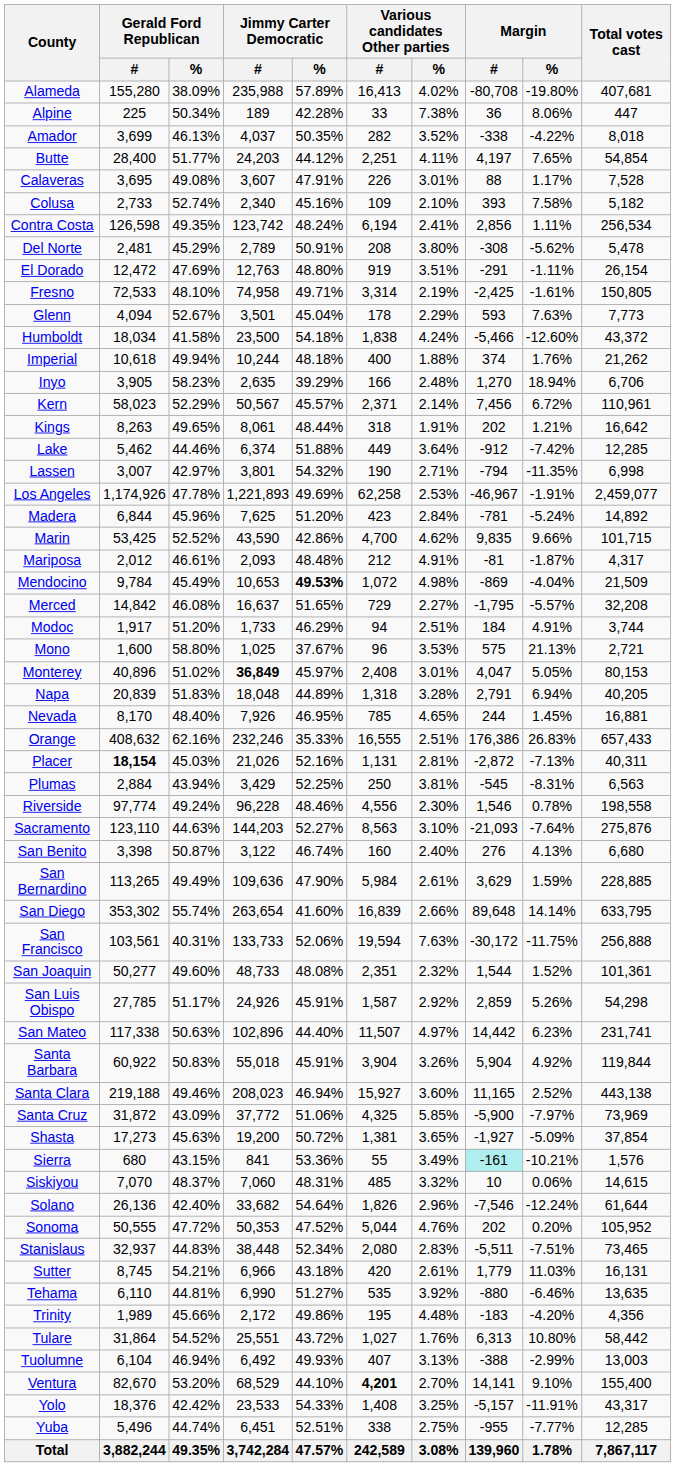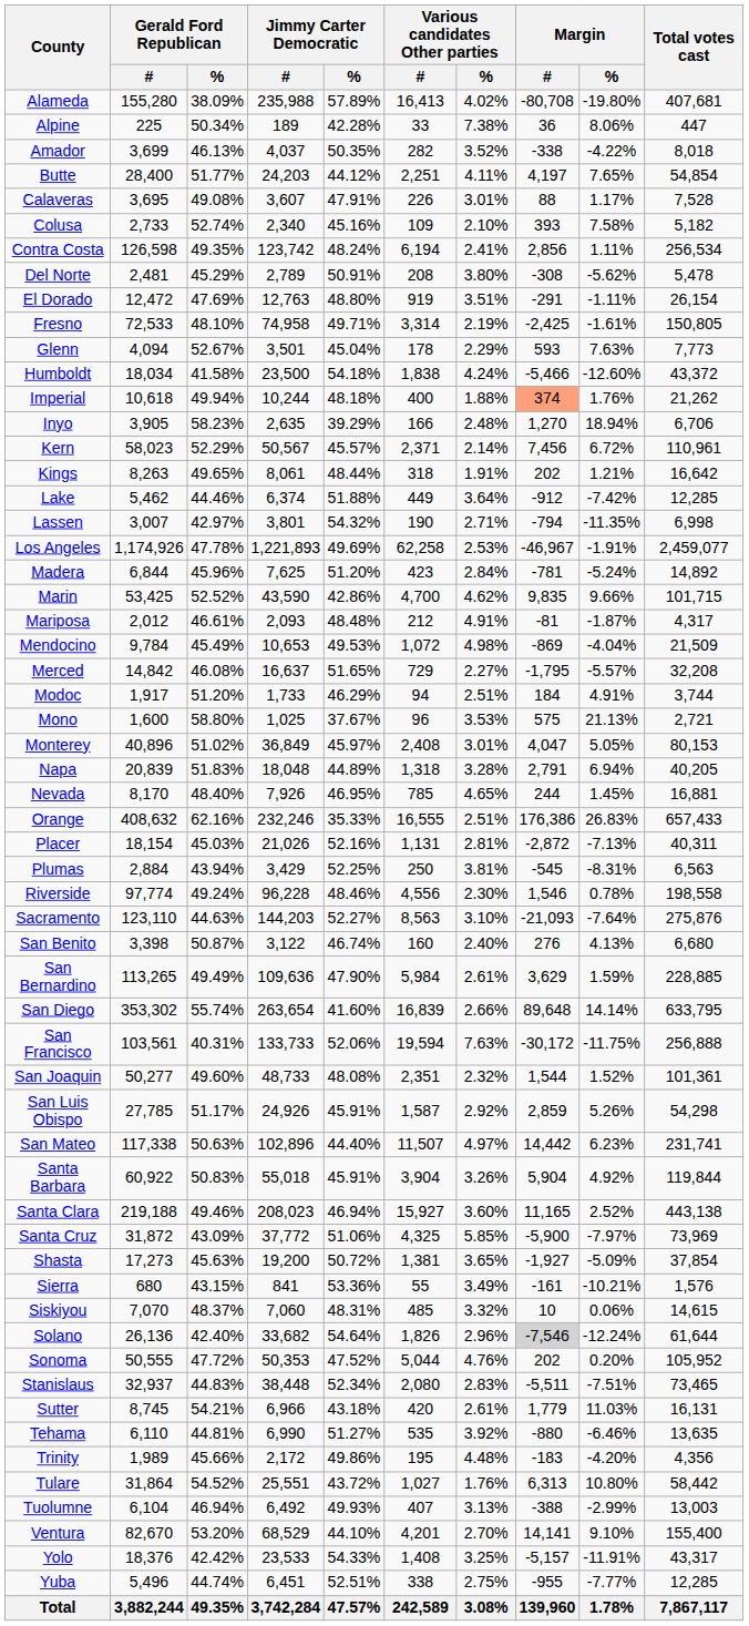 <table width="60%"  class="wikitable sortable" style="text-align:center">
 <tr>
 <th style="text-align:center;" rowspan="2">County</th>
 <th style="text-align:center;" colspan="2">Gerald Ford<br>Republican</th>
 <th style="text-align:center;" colspan="2">Jimmy Carter<br>Democratic</th>
 <th style="text-align:center;" colspan="2">Various candidates<br>Other parties</th>
 <th style="text-align:center;" colspan="2">Margin</th>
 <th style="text-align:center;" rowspan="2">Total votes cast</th>
 </tr>
 <tr>
 <th style="text-align:center;" data-sort-type="number">#</th>
 <th style="text-align:center;" data-sort-type="number">%</th>
 <th style="text-align:center;" data-sort-type="number">#</th>
 <th style="text-align:center;" data-sort-type="number">%</th>
 <th style="text-align:center;" data-sort-type="number">#</th>
 <th style="text-align:center;" data-sort-type="number">%</th>
 <th style="text-align:center;" data-sort-type="number">#</th>
 <th style="text-align:center;" data-sort-type="number">%</th>
 </tr>
 <tr style="text-align:center;">
 <td><a href='#'>Alameda</a></td>
 <td>155,280</td>
 <td>38.09%</td>
 <td>235,988</td>
 <td>57.89%</td>
 <td>16,413</td>
 <td>4.02%</td>
 <td>-80,708</td>
 <td>-19.80%</td>
 <td>407,681</td>
 </tr>
 <tr style="text-align:center;">
 <td><a href='#'>Alpine</a></td>
 <td>225</td>
 <td>50.34%</td>
 <td>189</td>
 <td>42.28%</td>
 <td>33</td>
 <td>7.38%</td>
 <td>36</td>
 <td>8.06%</td>
 <td>447</td>
 </tr>
 <tr style="text-align:center;">
 <td><a href='#'>Amador</a></td>
 <td>3,699</td>
 <td>46.13%</td>
 <td>4,037</td>
 <td>50.35%</td>
 <td>282</td>
 <td>3.52%</td>
 <td>-338</td>
 <td>-4.22%</td>
 <td>8,018</td>
 </tr>
 <tr style="text-align:center;">
 <td><a href='#'>Butte</a></td>
 <td>28,400</td>
 <td>51.77%</td>
 <td>24,203</td>
 <td>44.12%</td>
 <td>2,251</td>
 <td>4.11%</td>
 <td>4,197</td>
 <td>7.65%</td>
 <td>54,854</td>
 </tr>
 <tr style="text-align:center;">
 <td><a href='#'>Calaveras</a></td>
 <td>3,695</td>
 <td>49.08%</td>
 <td>3,607</td>
 <td>47.91%</td>
 <td>226</td>
 <td>3.01%</td>
 <td>88</td>
 <td>1.17%</td>
 <td>7,528</td>
 </tr>
 <tr style="text-align:center;">
 <td><a href='#'>Colusa</a></td>
 <td>2,733</td>
 <td>52.74%</td>
 <td>2,340</td>
 <td>45.16%</td>
 <td>109</td>
 <td>2.10%</td>
 <td>393</td>
 <td>7.58%</td>
 <td>5,182</td>
 </tr>
 <tr style="text-align:center;">
 <td><a href='#'>Contra Costa</a></td>
 <td>126,598</td>
 <td>49.35%</td>
 <td>123,742</td>
 <td>48.24%</td>
 <td>6,194</td>
 <td>2.41%</td>
 <td>2,856</td>
 <td>1.11%</td>
 <td>256,534</td>
 </tr>
 <tr style="text-align:center;">
 <td><a href='#'>Del Norte</a></td>
 <td>2,481</td>
 <td>45.29%</td>
 <td>2,789</td>
 <td>50.91%</td>
 <td>208</td>
 <td>3.80%</td>
 <td>-308</td>
 <td>-5.62%</td>
 <td>5,478</td>
 </tr>
 <tr style="text-align:center;">
 <td><a href='#'>El Dorado</a></td>
 <td>12,472</td>
 <td>47.69%</td>
 <td>12,763</td>
 <td>48.80%</td>
 <td>919</td>
 <td>3.51%</td>
 <td>-291</td>
 <td>-1.11%</td>
 <td>26,154</td>
 </tr>
 <tr style="text-align:center;">
 <td><a href='#'>Fresno</a></td>
 <td>72,533</td>
 <td>48.10%</td>
 <td>74,958</td>
 <td>49.71%</td>
 <td>3,314</td>
 <td>2.19%</td>
 <td>-2,425</td>
 <td>-1.61%</td>
 <td>150,805</td>
 </tr>
 <tr style="text-align:center;">
 <td><a href='#'>Glenn</a></td>
 <td>4,094</td>
 <td>52.67%</td>
 <td>3,501</td>
 <td>45.04%</td>
 <td>178</td>
 <td>2.29%</td>
 <td>593</td>
 <td>7.63%</td>
 <td>7,773</td>
 </tr>
 <tr style="text-align:center;">
 <td><a href='#'>Humboldt</a></td>
 <td>18,034</td>
 <td>41.58%</td>
 <td>23,500</td>
 <td>54.18%</td>
 <td>1,838</td>
 <td>4.24%</td>
 <td>-5,466</td>
 <td>-12.60%</td>
 <td>43,372</td>
 </tr>
 <tr style="text-align:center;">
 <td><a href='#'>Imperial</a></td>
 <td>10,618</td>
 <td>49.94%</td>
 <td>10,244</td>
 <td>48.18%</td>
 <td>400</td>
 <td>1.88%</td>
-<td>374</td>
+<td style="background: lightsalmon;">374</td>
 <td>1.76%</td>
 <td>21,262</td>
 </tr>
 <tr style="text-align:center;">
 <td><a href='#'>Inyo</a></td>
 <td>3,905</td>
 <td>58.23%</td>
 <td>2,635</td>
 <td>39.29%</td>
 <td>166</td>
 <td>2.48%</td>
 <td>1,270</td>
 <td>18.94%</td>
 <td>6,706</td>
 </tr>
 <tr style="text-align:center;">
 <td><a href='#'>Kern</a></td>
 <td>58,023</td>
 <td>52.29%</td>
 <td>50,567</td>
 <td>45.57%</td>
 <td>2,371</td>
 <td>2.14%</td>
 <td>7,456</td>
 <td>6.72%</td>
 <td>110,961</td>
 </tr>
 <tr style="text-align:center;">
 <td><a href='#'>Kings</a></td>
 <td>8,263</td>
 <td>49.65%</td>
 <td>8,061</td>
 <td>48.44%</td>
 <td>318</td>
 <td>1.91%</td>
 <td>202</td>
 <td>1.21%</td>
 <td>16,642</td>
 </tr>
 <tr style="text-align:center;">
 <td><a href='#'>Lake</a></td>
 <td>5,462</td>
 <td>44.46%</td>
 <td>6,374</td>
 <td>51.88%</td>
 <td>449</td>
 <td>3.64%</td>
 <td>-912</td>
 <td>-7.42%</td>
 <td>12,285</td>
 </tr>
 <tr style="text-align:center;">
 <td><a href='#'>Lassen</a></td>
 <td>3,007</td>
 <td>42.97%</td>
 <td>3,801</td>
 <td>54.32%</td>
 <td>190</td>
 <td>2.71%</td>
 <td>-794</td>
 <td>-11.35%</td>
 <td>6,998</td>
 </tr>
 <tr style="text-align:center;">
 <td><a href='#'>Los Angeles</a></td>
 <td>1,174,926</td>
 <td>47.78%</td>
 <td>1,221,893</td>
 <td>49.69%</td>
 <td>62,258</td>
 <td>2.53%</td>
 <td>-46,967</td>
 <td>-1.91%</td>
 <td>2,459,077</td>
 </tr>
 <tr style="text-align:center;">
 <td><a href='#'>Madera</a></td>
 <td>6,844</td>
 <td>45.96%</td>
 <td>7,625</td>
 <td>51.20%</td>
 <td>423</td>
 <td>2.84%</td>
 <td>-781</td>
 <td>-5.24%</td>
 <td>14,892</td>
 </tr>
 <tr style="text-align:center;">
 <td><a href='#'>Marin</a></td>
 <td>53,425</td>
 <td>52.52%</td>
 <td>43,590</td>
 <td>42.86%</td>
 <td>4,700</td>
 <td>4.62%</td>
 <td>9,835</td>
 <td>9.66%</td>
 <td>101,715</td>
 </tr>
 <tr style="text-align:center;">
 <td><a href='#'>Mariposa</a></td>
 <td>2,012</td>
 <td>46.61%</td>
 <td>2,093</td>
 <td>48.48%</td>
 <td>212</td>
 <td>4.91%</td>
 <td>-81</td>
 <td>-1.87%</td>
 <td>4,317</td>
 </tr>
 <tr style="text-align:center;">
 <td><a href='#'>Mendocino</a></td>
 <td>9,784</td>
 <td>45.49%</td>
 <td>10,653</td>
-<td><strong>49.53%</strong></td>
+<td>49.53%</td>
 <td>1,072</td>
 <td>4.98%</td>
 <td>-869</td>
 <td>-4.04%</td>
 <td>21,509</td>
 </tr>
 <tr style="text-align:center;">
 <td><a href='#'>Merced</a></td>
 <td>14,842</td>
 <td>46.08%</td>
 <td>16,637</td>
 <td>51.65%</td>
 <td>729</td>
 <td>2.27%</td>
 <td>-1,795</td>
 <td>-5.57%</td>
 <td>32,208</td>
 </tr>
 <tr style="text-align:center;">
 <td><a href='#'>Modoc</a></td>
 <td>1,917</td>
 <td>51.20%</td>
 <td>1,733</td>
 <td>46.29%</td>
 <td>94</td>
 <td>2.51%</td>
 <td>184</td>
 <td>4.91%</td>
 <td>3,744</td>
 </tr>
 <tr style="text-align:center;">
 <td><a href='#'>Mono</a></td>
 <td>1,600</td>
 <td>58.80%</td>
 <td>1,025</td>
 <td>37.67%</td>
 <td>96</td>
 <td>3.53%</td>
 <td>575</td>
 <td>21.13%</td>
 <td>2,721</td>
 </tr>
 <tr style="text-align:center;">
 <td><a href='#'>Monterey</a></td>
 <td>40,896</td>
 <td>51.02%</td>
-<td><strong>36,849</strong></td>
+<td>36,849</td>
 <td>45.97%</td>
 <td>2,408</td>
 <td>3.01%</td>
 <td>4,047</td>
 <td>5.05%</td>
 <td>80,153</td>
 </tr>
 <tr style="text-align:center;">
 <td><a href='#'>Napa</a></td>
 <td>20,839</td>
 <td>51.83%</td>
 <td>18,048</td>
 <td>44.89%</td>
 <td>1,318</td>
 <td>3.28%</td>
 <td>2,791</td>
 <td>6.94%</td>
 <td>40,205</td>
 </tr>
 <tr style="text-align:center;">
 <td><a href='#'>Nevada</a></td>
 <td>8,170</td>
 <td>48.40%</td>
 <td>7,926</td>
 <td>46.95%</td>
 <td>785</td>
 <td>4.65%</td>
 <td>244</td>
 <td>1.45%</td>
 <td>16,881</td>
 </tr>
 <tr style="text-align:center;">
 <td><a href='#'>Orange</a></td>
 <td>408,632</td>
 <td>62.16%</td>
 <td>232,246</td>
 <td>35.33%</td>
 <td>16,555</td>
 <td>2.51%</td>
 <td>176,386</td>
 <td>26.83%</td>
 <td>657,433</td>
 </tr>
 <tr style="text-align:center;">
 <td><a href='#'>Placer</a></td>
-<td><strong>18,154</strong></td>
+<td>18,154</td>
 <td>45.03%</td>
 <td>21,026</td>
 <td>52.16%</td>
 <td>1,131</td>
 <td>2.81%</td>
 <td>-2,872</td>
 <td>-7.13%</td>
 <td>40,311</td>
 </tr>
 <tr style="text-align:center;">
 <td><a href='#'>Plumas</a></td>
 <td>2,884</td>
 <td>43.94%</td>
 <td>3,429</td>
 <td>52.25%</td>
 <td>250</td>
 <td>3.81%</td>
 <td>-545</td>
 <td>-8.31%</td>
 <td>6,563</td>
 </tr>
 <tr style="text-align:center;">
 <td><a href='#'>Riverside</a></td>
 <td>97,774</td>
 <td>49.24%</td>
 <td>96,228</td>
 <td>48.46%</td>
 <td>4,556</td>
 <td>2.30%</td>
 <td>1,546</td>
 <td>0.78%</td>
 <td>198,558</td>
 </tr>
 <tr style="text-align:center;">
 <td><a href='#'>Sacramento</a></td>
 <td>123,110</td>
 <td>44.63%</td>
 <td>144,203</td>
 <td>52.27%</td>
 <td>8,563</td>
 <td>3.10%</td>
 <td>-21,093</td>
 <td>-7.64%</td>
 <td>275,876</td>
 </tr>
 <tr style="text-align:center;">
 <td><a href='#'>San Benito</a></td>
 <td>3,398</td>
 <td>50.87%</td>
 <td>3,122</td>
 <td>46.74%</td>
 <td>160</td>
 <td>2.40%</td>
 <td>276</td>
 <td>4.13%</td>
 <td>6,680</td>
 </tr>
 <tr style="text-align:center;">
 <td><a href='#'>San Bernardino</a></td>
 <td>113,265</td>
 <td>49.49%</td>
 <td>109,636</td>
 <td>47.90%</td>
 <td>5,984</td>
 <td>2.61%</td>
 <td>3,629</td>
 <td>1.59%</td>
 <td>228,885</td>
 </tr>
 <tr style="text-align:center;">
 <td><a href='#'>San Diego</a></td>
 <td>353,302</td>
 <td>55.74%</td>
 <td>263,654</td>
 <td>41.60%</td>
 <td>16,839</td>
 <td>2.66%</td>
 <td>89,648</td>
 <td>14.14%</td>
 <td>633,795</td>
 </tr>
 <tr style="text-align:center;">
 <td><a href='#'>San Francisco</a></td>
 <td>103,561</td>
 <td>40.31%</td>
 <td>133,733</td>
 <td>52.06%</td>
 <td>19,594</td>
 <td>7.63%</td>
 <td>-30,172</td>
 <td>-11.75%</td>
 <td>256,888</td>
 </tr>
 <tr style="text-align:center;">
 <td><a href='#'>San Joaquin</a></td>
 <td>50,277</td>
 <td>49.60%</td>
 <td>48,733</td>
 <td>48.08%</td>
 <td>2,351</td>
 <td>2.32%</td>
 <td>1,544</td>
 <td>1.52%</td>
 <td>101,361</td>
 </tr>
 <tr style="text-align:center;">
 <td><a href='#'>San Luis Obispo</a></td>
 <td>27,785</td>
 <td>51.17%</td>
 <td>24,926</td>
 <td>45.91%</td>
 <td>1,587</td>
 <td>2.92%</td>
 <td>2,859</td>
 <td>5.26%</td>
 <td>54,298</td>
 </tr>
 <tr style="text-align:center;">
 <td><a href='#'>San Mateo</a></td>
 <td>117,338</td>
 <td>50.63%</td>
 <td>102,896</td>
 <td>44.40%</td>
 <td>11,507</td>
 <td>4.97%</td>
 <td>14,442</td>
 <td>6.23%</td>
 <td>231,741</td>
 </tr>
 <tr style="text-align:center;">
 <td><a href='#'>Santa Barbara</a></td>
 <td>60,922</td>
 <td>50.83%</td>
 <td>55,018</td>
 <td>45.91%</td>
 <td>3,904</td>
 <td>3.26%</td>
 <td>5,904</td>
 <td>4.92%</td>
 <td>119,844</td>
 </tr>
 <tr style="text-align:center;">
 <td><a href='#'>Santa Clara</a></td>
 <td>219,188</td>
 <td>49.46%</td>
 <td>208,023</td>
 <td>46.94%</td>
 <td>15,927</td>
 <td>3.60%</td>
 <td>11,165</td>
 <td>2.52%</td>
 <td>443,138</td>
 </tr>
 <tr style="text-align:center;">
 <td><a href='#'>Santa Cruz</a></td>
 <td>31,872</td>
 <td>43.09%</td>
 <td>37,772</td>
 <td>51.06%</td>
 <td>4,325</td>
 <td>5.85%</td>
 <td>-5,900</td>
 <td>-7.97%</td>
 <td>73,969</td>
 </tr>
 <tr style="text-align:center;">
 <td><a href='#'>Shasta</a></td>
 <td>17,273</td>
 <td>45.63%</td>
 <td>19,200</td>
 <td>50.72%</td>
 <td>1,381</td>
 <td>3.65%</td>
 <td>-1,927</td>
 <td>-5.09%</td>
 <td>37,854</td>
 </tr>
 <tr style="text-align:center;">
 <td><a href='#'>Sierra</a></td>
 <td>680</td>
 <td>43.15%</td>
 <td>841</td>
 <td>53.36%</td>
 <td>55</td>
 <td>3.49%</td>
-<td style="background: paleturquoise;">-161</td>
+<td>-161</td>
 <td>-10.21%</td>
 <td>1,576</td>
 </tr>
 <tr style="text-align:center;">
 <td><a href='#'>Siskiyou</a></td>
 <td>7,070</td>
 <td>48.37%</td>
 <td>7,060</td>
 <td>48.31%</td>
 <td>485</td>
 <td>3.32%</td>
 <td>10</td>
 <td>0.06%</td>
 <td>14,615</td>
 </tr>
 <tr style="text-align:center;">
 <td><a href='#'>Solano</a></td>
 <td>26,136</td>
 <td>42.40%</td>
 <td>33,682</td>
 <td>54.64%</td>
 <td>1,826</td>
 <td>2.96%</td>
-<td>-7,546</td>
+<td style="background: lightgrey;">-7,546</td>
 <td>-12.24%</td>
 <td>61,644</td>
 </tr>
 <tr style="text-align:center;">
 <td><a href='#'>Sonoma</a></td>
 <td>50,555</td>
 <td>47.72%</td>
 <td>50,353</td>
 <td>47.52%</td>
 <td>5,044</td>
 <td>4.76%</td>
 <td>202</td>
 <td>0.20%</td>
 <td>105,952</td>
 </tr>
 <tr style="text-align:center;">
 <td><a href='#'>Stanislaus</a></td>
 <td>32,937</td>
 <td>44.83%</td>
 <td>38,448</td>
 <td>52.34%</td>
 <td>2,080</td>
 <td>2.83%</td>
 <td>-5,511</td>
 <td>-7.51%</td>
 <td>73,465</td>
 </tr>
 <tr style="text-align:center;">
 <td><a href='#'>Sutter</a></td>
 <td>8,745</td>
 <td>54.21%</td>
 <td>6,966</td>
 <td>43.18%</td>
 <td>420</td>
 <td>2.61%</td>
 <td>1,779</td>
 <td>11.03%</td>
 <td>16,131</td>
 </tr>
 <tr style="text-align:center;">
 <td><a href='#'>Tehama</a></td>
 <td>6,110</td>
 <td>44.81%</td>
 <td>6,990</td>
 <td>51.27%</td>
 <td>535</td>
 <td>3.92%</td>
 <td>-880</td>
 <td>-6.46%</td>
 <td>13,635</td>
 </tr>
 <tr style="text-align:center;">
 <td><a href='#'>Trinity</a></td>
 <td>1,989</td>
 <td>45.66%</td>
 <td>2,172</td>
 <td>49.86%</td>
 <td>195</td>
 <td>4.48%</td>
 <td>-183</td>
 <td>-4.20%</td>
 <td>4,356</td>
 </tr>
 <tr style="text-align:center;">
 <td><a href='#'>Tulare</a></td>
 <td>31,864</td>
 <td>54.52%</td>
 <td>25,551</td>
 <td>43.72%</td>
 <td>1,027</td>
 <td>1.76%</td>
 <td>6,313</td>
 <td>10.80%</td>
 <td>58,442</td>
 </tr>
 <tr style="text-align:center;">
 <td><a href='#'>Tuolumne</a></td>
 <td>6,104</td>
 <td>46.94%</td>
 <td>6,492</td>
 <td>49.93%</td>
 <td>407</td>
 <td>3.13%</td>
 <td>-388</td>
 <td>-2.99%</td>
 <td>13,003</td>
 </tr>
 <tr style="text-align:center;">
 <td><a href='#'>Ventura</a></td>
 <td>82,670</td>
 <td>53.20%</td>
 <td>68,529</td>
 <td>44.10%</td>
-<td><strong>4,201</strong></td>
+<td>4,201</td>
 <td>2.70%</td>
 <td>14,141</td>
 <td>9.10%</td>
 <td>155,400</td>
 </tr>
 <tr style="text-align:center;">
 <td><a href='#'>Yolo</a></td>
 <td>18,376</td>
 <td>42.42%</td>
 <td>23,533</td>
 <td>54.33%</td>
 <td>1,408</td>
 <td>3.25%</td>
 <td>-5,157</td>
 <td>-11.91%</td>
 <td>43,317</td>
 </tr>
 <tr style="text-align:center;">
 <td><a href='#'>Yuba</a></td>
 <td>5,496</td>
 <td>44.74%</td>
 <td>6,451</td>
 <td>52.51%</td>
 <td>338</td>
 <td>2.75%</td>
 <td>-955</td>
 <td>-7.77%</td>
 <td>12,285</td>
 </tr>
 <tr>
 <th>Total</th>
 <th>3,882,244</th>
 <th>49.35%</th>
 <th>3,742,284</th>
 <th>47.57%</th>
 <th>242,589</th>
 <th>3.08%</th>
 <th>139,960</th>
 <th>1.78%</th>
 <th>7,867,117</th>
 </tr>
 </table>
